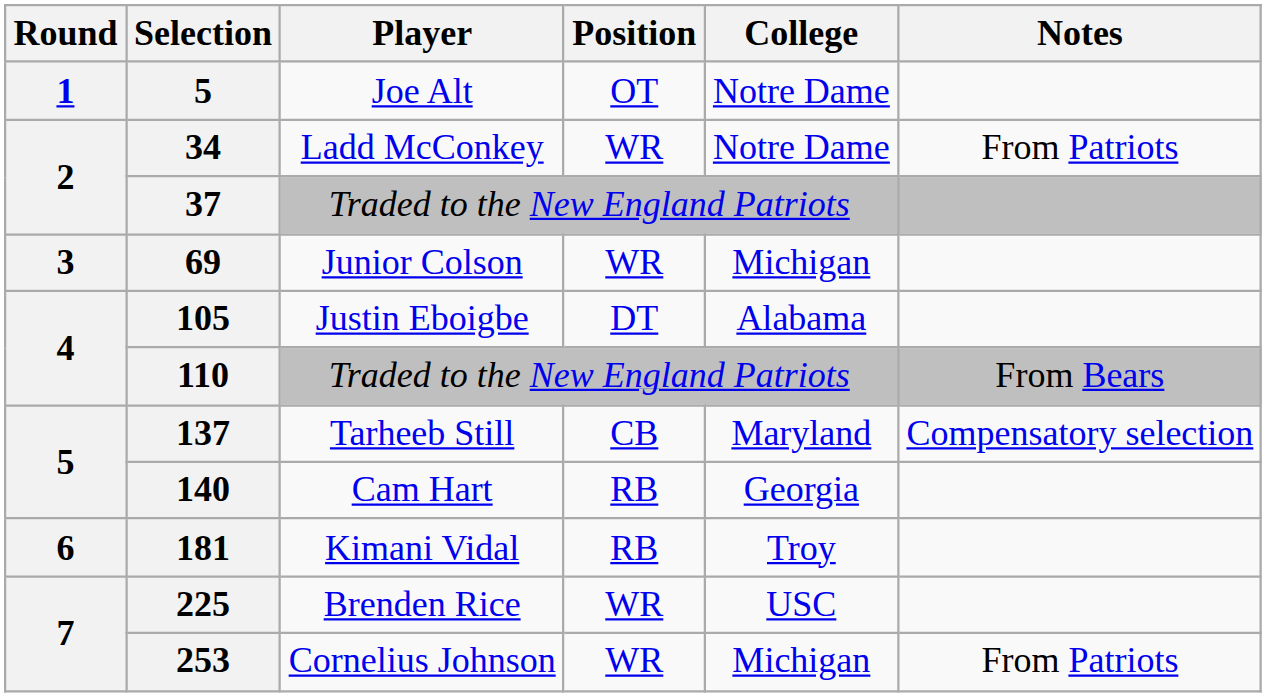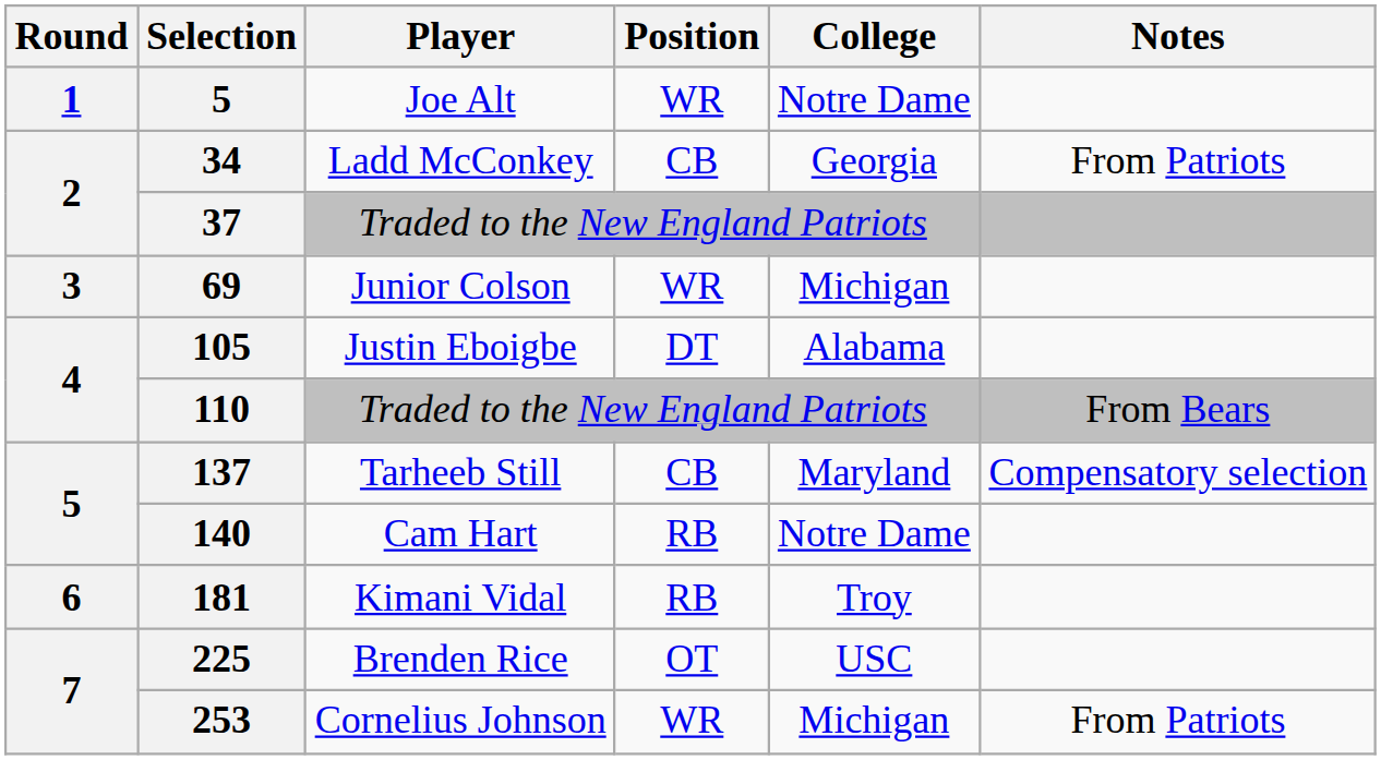 <table class="wikitable" style="text-align:center">
 <tr>
 <th>Round</th>
 <th>Selection</th>
 <th>Player</th>
 <th>Position</th>
 <th>College</th>
 <th>Notes</th>
 </tr>
 <tr>
 <th><a href='#'>1</a></th>
 <th>5</th>
 <td><a href='#'>Joe Alt</a></td>
-<td><a href='#'>OT</a></td>
+<td><a href='#'>WR</a></td>
 <td><a href='#'>Notre Dame</a></td>
 <td></td>
 </tr>
 <tr>
 <th rowspan="2">2</th>
 <th>34</th>
 <td><a href='#'>Ladd McConkey</a></td>
-<td><a href='#'>WR</a></td>
-<td><a href='#'>Notre Dame</a></td>
+<td><a href='#'>CB</a></td>
+<td><a href='#'>Georgia</a></td>
 <td>From <a href='#'>Patriots</a></td>
 </tr>
 <tr>
 <th>37</th>
 <td colspan="3" style="background:#BFBFBF"><em>Traded to the <a href='#'>New England Patriots</a></em></td>
 <td style="background:#BFBFBF"></td>
 </tr>
 <tr>
 <th>3</th>
 <th>69</th>
 <td><a href='#'>Junior Colson</a></td>
 <td><a href='#'>WR</a></td>
 <td><a href='#'>Michigan</a></td>
 <td></td>
 </tr>
 <tr>
 <th rowspan="2">4</th>
 <th>105</th>
 <td><a href='#'>Justin Eboigbe</a></td>
 <td><a href='#'>DT</a></td>
 <td><a href='#'>Alabama</a></td>
 <td></td>
 </tr>
 <tr>
 <th>110</th>
 <td colspan="3" style="background:#BFBFBF"><em>Traded to the <a href='#'>New England Patriots</a></em></td>
 <td style="background:#BFBFBF">From <a href='#'>Bears</a></td>
 </tr>
 <tr>
 <th rowspan="2">5</th>
 <th>137</th>
 <td><a href='#'>Tarheeb Still</a></td>
 <td><a href='#'>CB</a></td>
 <td><a href='#'>Maryland</a></td>
 <td><a href='#'>Compensatory selection</a></td>
 </tr>
 <tr>
 <th>140</th>
 <td><a href='#'>Cam Hart</a></td>
 <td><a href='#'>RB</a></td>
-<td><a href='#'>Georgia</a></td>
+<td><a href='#'>Notre Dame</a></td>
 <td></td>
 </tr>
 <tr>
 <th>6</th>
 <th>181</th>
 <td><a href='#'>Kimani Vidal</a></td>
 <td><a href='#'>RB</a></td>
 <td><a href='#'>Troy</a></td>
 <td></td>
 </tr>
 <tr>
 <th rowspan="2">7</th>
 <th>225</th>
 <td><a href='#'>Brenden Rice</a></td>
-<td><a href='#'>WR</a></td>
+<td><a href='#'>OT</a></td>
 <td><a href='#'>USC</a></td>
 <td></td>
 </tr>
 <tr>
 <th>253</th>
 <td><a href='#'>Cornelius Johnson</a></td>
 <td><a href='#'>WR</a></td>
 <td><a href='#'>Michigan</a></td>
 <td>From <a href='#'>Patriots</a></td>
 </tr>
 </table>
